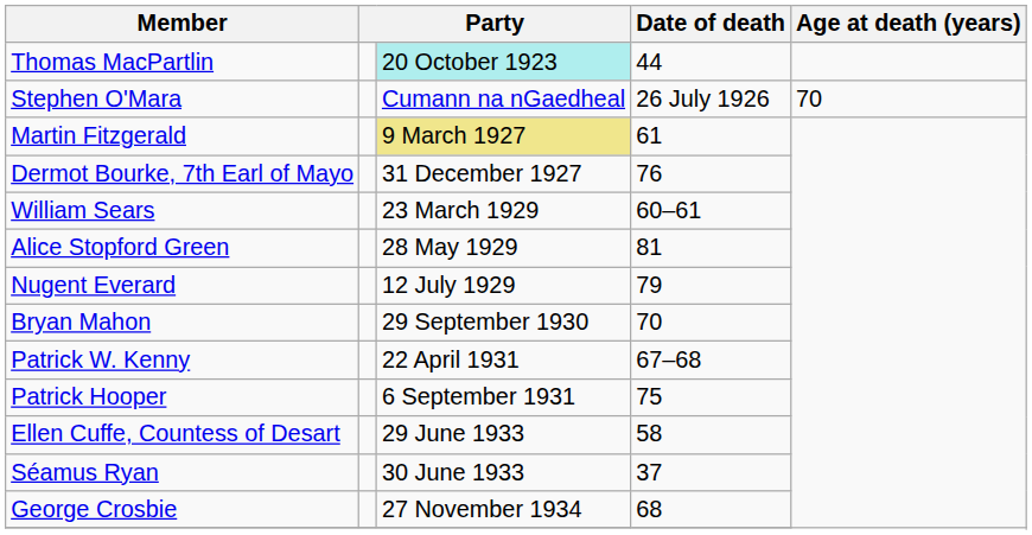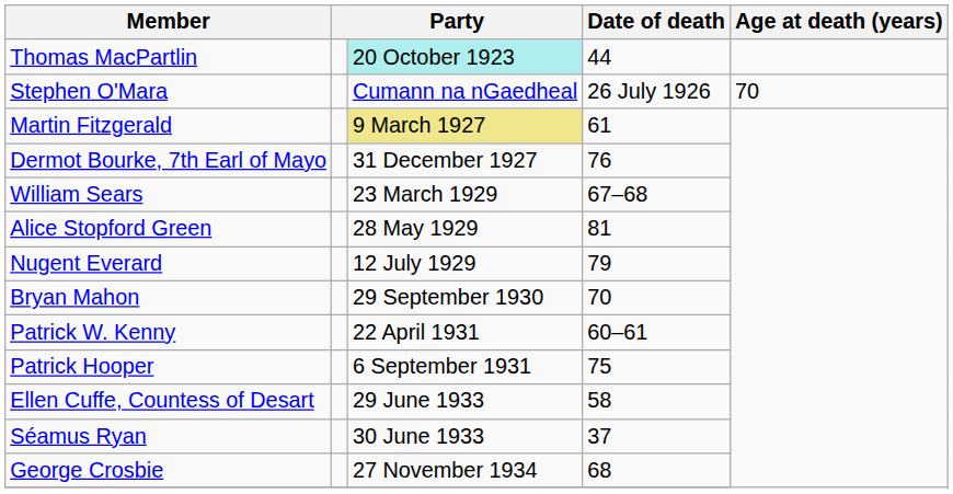 <table class="wikitable sortable">
 <tr>
 <th>Member</th>
 <th colspan=2>Party</th>
 <th>Date of death</th>
 <th>Age at death (years)</th>
 </tr>
 <tr>
 <td><a href='#'>Thomas MacPartlin</a></td>
 <td></td>
 <td nowrap style="background: paleturquoise;">20 October 1923</td>
 <td nowrap>44</td>
 </tr>
 <tr>
 <td><a href='#'>Stephen O'Mara</a></td>
 <td style="background-color:"> </td>
 <td><a href='#'>Cumann na nGaedheal</a></td>
 <td nowrap>26 July 1926</td>
 <td nowrap>70</td>
 </tr>
 <tr>
 <td><a href='#'>Martin Fitzgerald</a></td>
 <td></td>
 <td nowrap style="background: khaki;">9 March 1927</td>
 <td nowrap>61</td>
 </tr>
 <tr>
 <td><a href='#'>Dermot Bourke, 7th Earl of Mayo</a></td>
 <td></td>
 <td nowrap>31 December 1927</td>
 <td nowrap>76</td>
 </tr>
 <tr>
 <td><a href='#'>William Sears</a></td>
 <td></td>
 <td nowrap>23 March 1929</td>
-<td nowrap>60–61</td>
+<td nowrap>67–68</td>
 </tr>
 <tr>
 <td><a href='#'>Alice Stopford Green</a></td>
 <td></td>
 <td nowrap>28 May 1929</td>
 <td nowrap>81</td>
 </tr>
 <tr>
 <td><a href='#'>Nugent Everard</a></td>
 <td></td>
 <td nowrap>12 July 1929</td>
 <td nowrap>79</td>
 </tr>
 <tr>
 <td><a href='#'>Bryan Mahon</a></td>
 <td></td>
 <td nowrap>29 September 1930</td>
 <td nowrap>70</td>
 </tr>
 <tr>
 <td><a href='#'>Patrick W. Kenny</a></td>
 <td></td>
 <td nowrap>22 April 1931</td>
-<td nowrap>67–68</td>
+<td nowrap>60–61</td>
 </tr>
 <tr>
 <td><a href='#'>Patrick Hooper</a></td>
 <td></td>
 <td nowrap>6 September 1931</td>
 <td nowrap>75</td>
 </tr>
 <tr>
 <td><a href='#'>Ellen Cuffe, Countess of Desart</a></td>
 <td></td>
 <td nowrap>29 June 1933</td>
 <td nowrap>58</td>
 </tr>
 <tr>
 <td><a href='#'>Séamus Ryan</a></td>
 <td></td>
 <td nowrap>30 June 1933</td>
 <td nowrap>37</td>
 </tr>
 <tr>
 <td><a href='#'>George Crosbie</a></td>
 <td></td>
 <td nowrap>27 November 1934</td>
 <td nowrap>68</td>
 </tr>
 <tr>
 </tr>
 </table>
